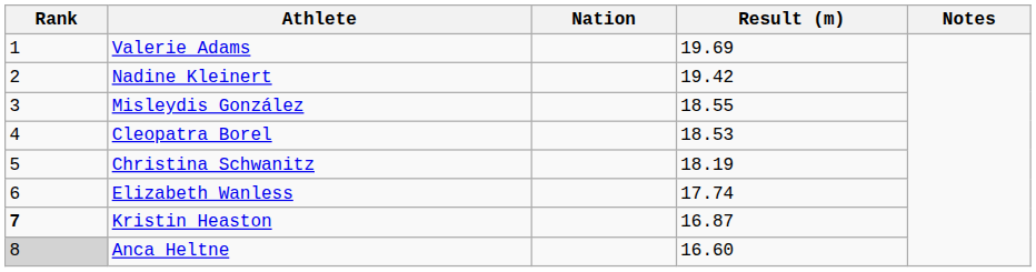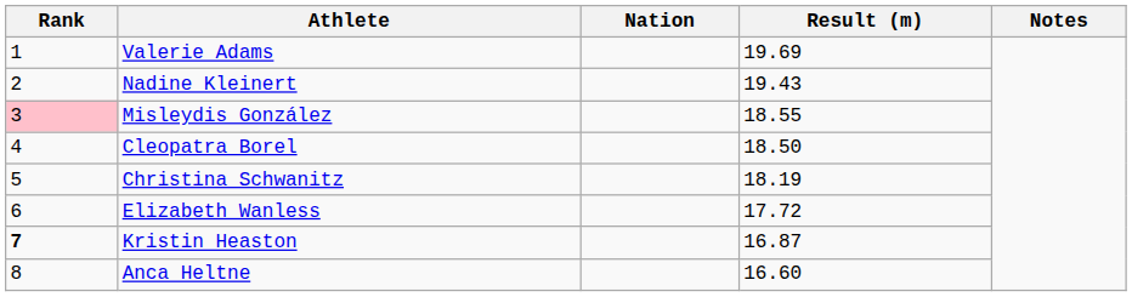 <table class="wikitable" style="text=align:center;" width=85%>
 <tr>
 <th>Rank</th>
 <th>Athlete</th>
 <th>Nation</th>
 <th>Result (m)</th>
 <th>Notes</th>
 </tr>
 <tr>
 <td>1</td>
 <td><a href='#'>Valerie Adams</a></td>
 <td></td>
 <td>19.69</td>
 </tr>
 <tr>
 <td>2</td>
 <td><a href='#'>Nadine Kleinert</a></td>
 <td></td>
-<td>19.42</td>
+<td>19.43</td>
 </tr>
 <tr>
-<td>3</td>
+<td style="background: pink;">3</td>
 <td><a href='#'>Misleydis González</a></td>
 <td></td>
 <td>18.55</td>
 </tr>
 <tr>
 <td>4</td>
 <td><a href='#'>Cleopatra Borel</a></td>
 <td></td>
-<td>18.53</td>
+<td>18.50</td>
 </tr>
 <tr>
 <td>5</td>
 <td><a href='#'>Christina Schwanitz</a></td>
 <td></td>
 <td>18.19</td>
 </tr>
 <tr>
 <td>6</td>
 <td><a href='#'>Elizabeth Wanless</a></td>
 <td></td>
-<td>17.74</td>
+<td>17.72</td>
 </tr>
 <tr>
 <td><strong>7</strong></td>
 <td><a href='#'>Kristin Heaston</a></td>
 <td></td>
 <td>16.87</td>
 </tr>
 <tr>
-<td style="background: lightgrey;">8</td>
+<td>8</td>
 <td><a href='#'>Anca Heltne</a></td>
 <td></td>
 <td>16.60</td>
 </tr>
 </table>
